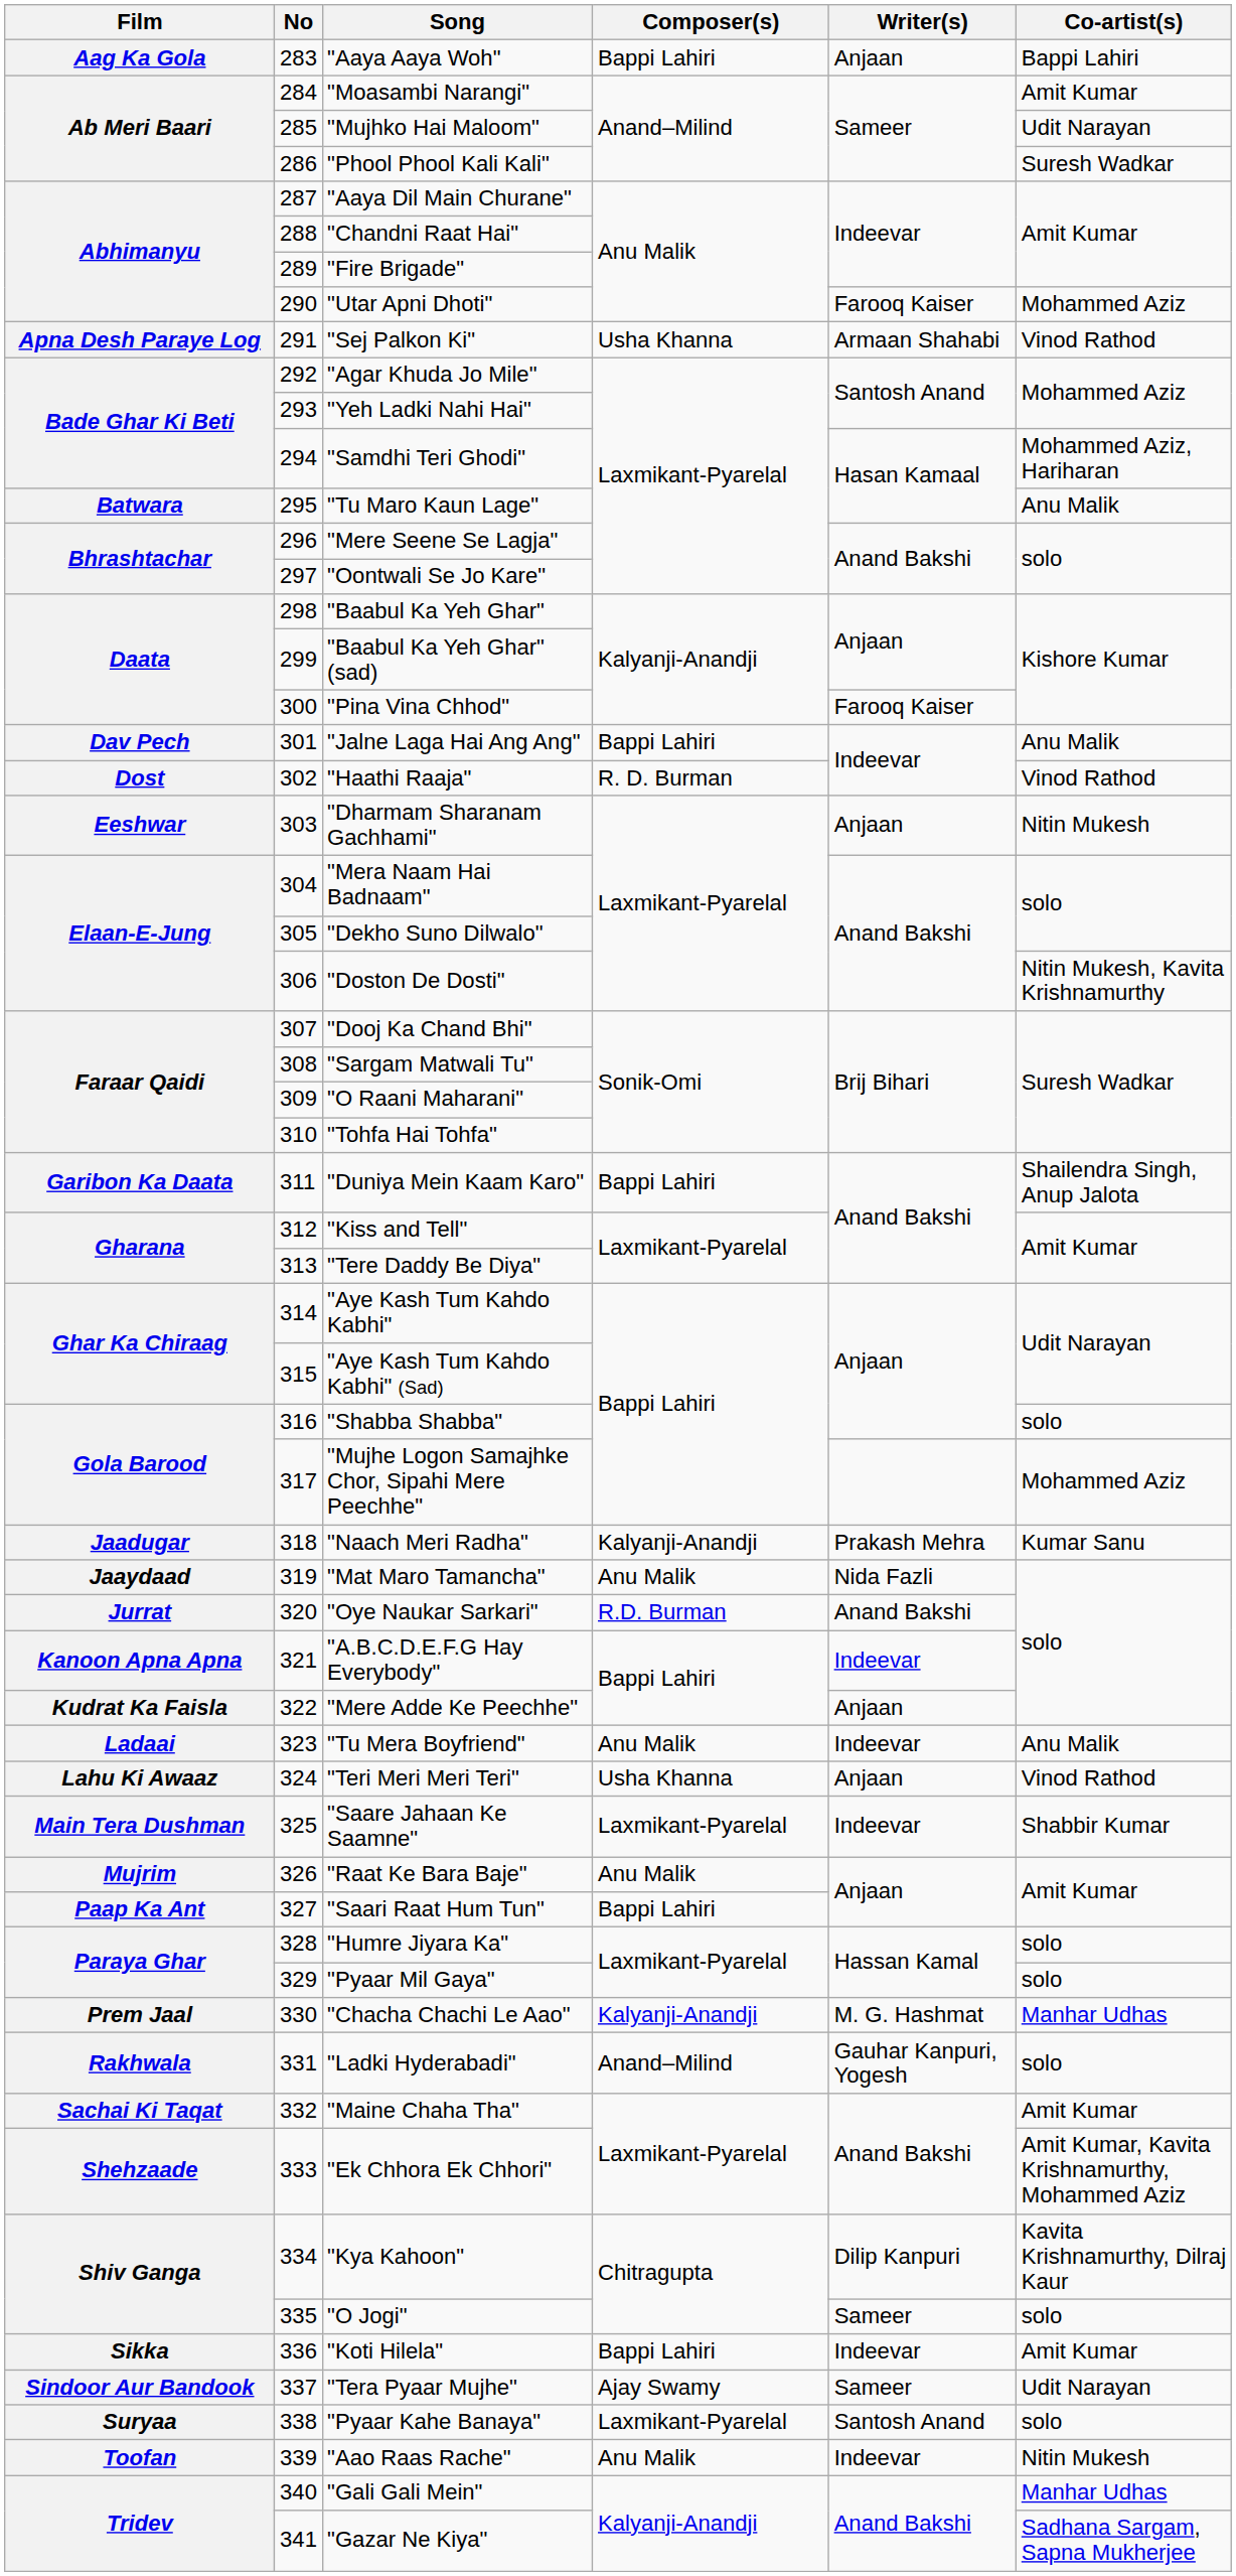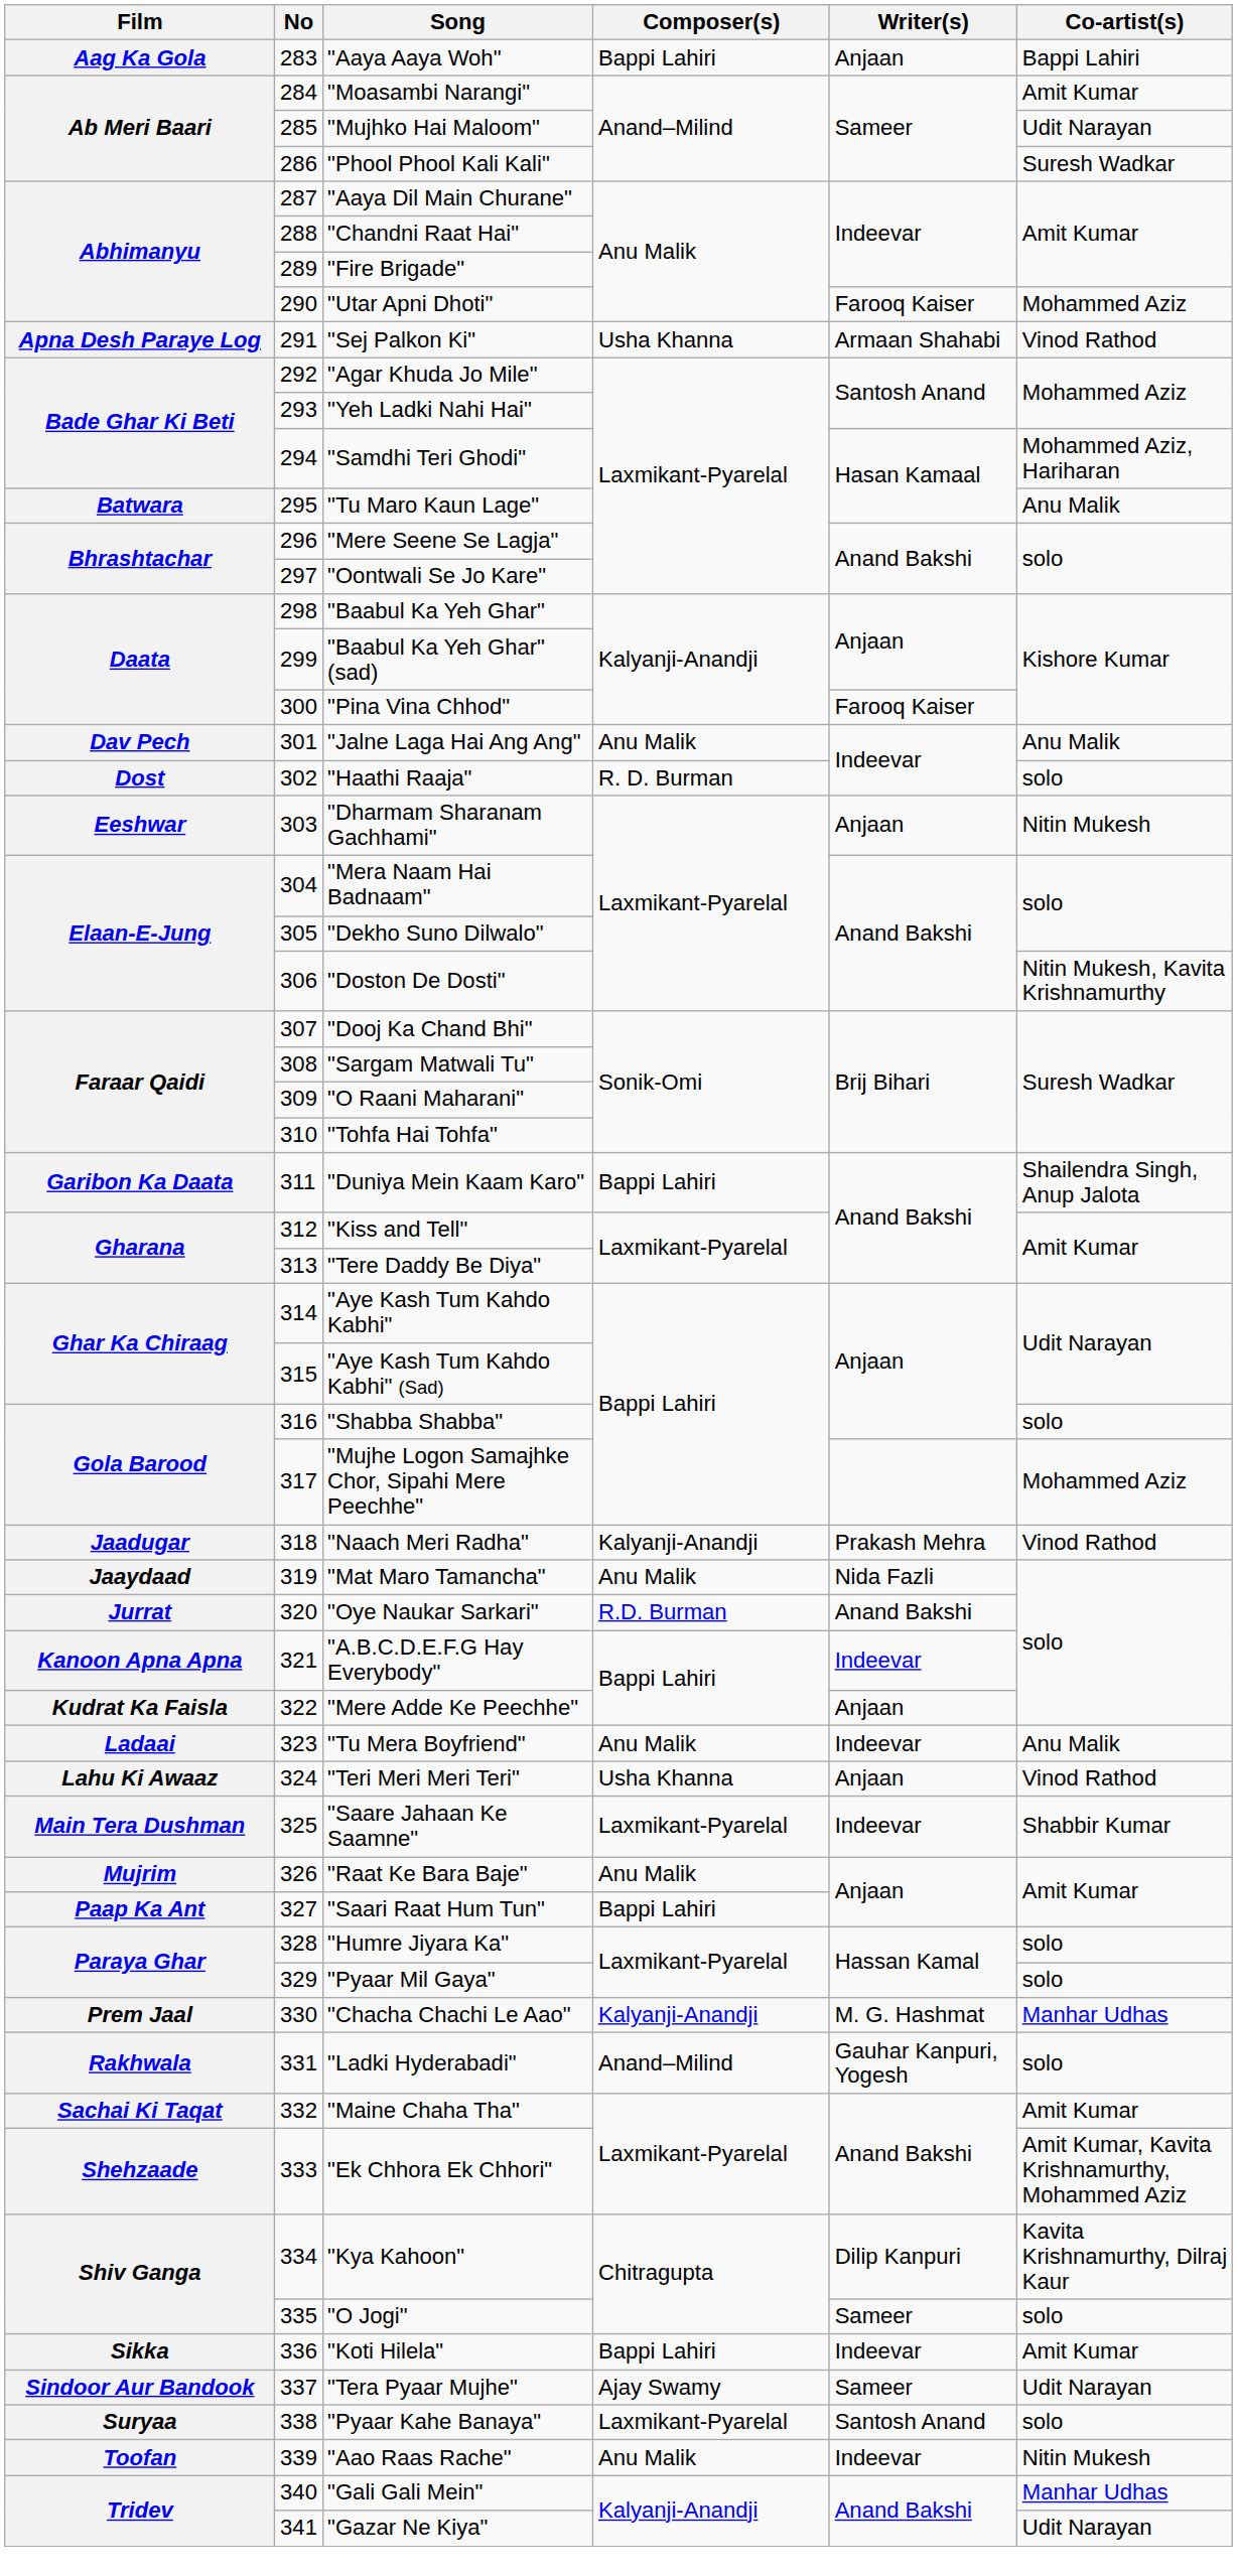 <table class="wikitable plainrowheaders" width="100%" textcolor:#000;">
 <tr style="background:#b0e0e66;">
 <th scope="col" width=23%><strong>Film</strong></th>
 <th><strong>No</strong></th>
 <th scope="col" width=23%><strong>Song</strong></th>
 <th scope="col" width=20%><strong>Composer(s)</strong></th>
 <th scope="col" width=16%><strong>Writer(s)</strong></th>
 <th scope="col" width=18%><strong>Co-artist(s)</strong></th>
 </tr>
 <tr>
 <th><em><a href='#'>Aag Ka Gola</a></em></th>
 <td>283</td>
 <td>"Aaya Aaya Woh"</td>
 <td>Bappi Lahiri</td>
 <td>Anjaan</td>
 <td>Bappi Lahiri</td>
 </tr>
 <tr>
 <th rowspan=3><em>Ab Meri Baari</em></th>
 <td>284</td>
 <td>"Moasambi Narangi"</td>
 <td rowspan=3>Anand–Milind</td>
 <td rowspan=3>Sameer</td>
 <td>Amit Kumar</td>
 </tr>
 <tr>
 <td>285</td>
 <td>"Mujhko Hai Maloom"</td>
 <td>Udit Narayan</td>
 </tr>
 <tr>
 <td>286</td>
 <td>"Phool Phool Kali Kali"</td>
 <td>Suresh Wadkar</td>
 </tr>
 <tr>
 <th rowspan=4><em><a href='#'>Abhimanyu</a></em></th>
 <td>287</td>
 <td>"Aaya Dil Main Churane"</td>
 <td rowspan=4>Anu Malik</td>
 <td rowspan=3>Indeevar</td>
 <td rowspan=3>Amit Kumar</td>
 </tr>
 <tr>
 <td>288</td>
 <td>"Chandni Raat Hai"</td>
 </tr>
 <tr>
 <td>289</td>
 <td>"Fire Brigade"</td>
 </tr>
 <tr>
 <td>290</td>
 <td>"Utar Apni Dhoti"</td>
 <td>Farooq Kaiser</td>
 <td>Mohammed Aziz</td>
 </tr>
 <tr>
 <th><em><a href='#'>Apna Desh Paraye Log</a></em></th>
 <td>291</td>
 <td>"Sej Palkon Ki"</td>
 <td>Usha Khanna</td>
 <td>Armaan Shahabi</td>
 <td>Vinod Rathod</td>
 </tr>
 <tr>
 <th rowspan=3><em><a href='#'>Bade Ghar Ki Beti</a></em></th>
 <td>292</td>
 <td>"Agar Khuda Jo Mile"</td>
 <td rowspan=6>Laxmikant-Pyarelal</td>
 <td rowspan=2>Santosh Anand</td>
 <td rowspan=2>Mohammed Aziz</td>
 </tr>
 <tr>
 <td>293</td>
 <td>"Yeh Ladki Nahi Hai"</td>
 </tr>
 <tr>
 <td>294</td>
 <td>"Samdhi Teri Ghodi"</td>
 <td rowspan=2>Hasan Kamaal</td>
 <td>Mohammed Aziz, Hariharan</td>
 </tr>
 <tr>
 <th><em><a href='#'>Batwara</a></em></th>
 <td>295</td>
 <td>"Tu Maro Kaun Lage"</td>
 <td>Anu Malik</td>
 </tr>
 <tr>
 <th rowspan=2><em><a href='#'>Bhrashtachar</a></em></th>
 <td>296</td>
 <td>"Mere Seene Se Lagja"</td>
 <td rowspan=2>Anand Bakshi</td>
 <td rowspan=2>solo</td>
 </tr>
 <tr>
 <td>297</td>
 <td>"Oontwali Se Jo Kare"</td>
 </tr>
 <tr>
 <th rowspan=3><em><a href='#'>Daata</a></em></th>
 <td>298</td>
 <td>"Baabul Ka Yeh Ghar"</td>
 <td rowspan=3>Kalyanji-Anandji</td>
 <td rowspan=2>Anjaan</td>
 <td rowspan=3>Kishore Kumar</td>
 </tr>
 <tr>
 <td>299</td>
 <td>"Baabul Ka Yeh Ghar" (sad)</td>
 </tr>
 <tr>
 <td>300</td>
 <td>"Pina Vina Chhod"</td>
 <td>Farooq Kaiser</td>
 </tr>
 <tr>
 <th><em><a href='#'>Dav Pech</a></em></th>
 <td>301</td>
 <td>"Jalne Laga Hai Ang Ang"</td>
-<td>Bappi Lahiri</td>
+<td>Anu Malik</td>
 <td rowspan=2>Indeevar</td>
 <td>Anu Malik</td>
 </tr>
 <tr>
 <th><em><a href='#'>Dost</a></em></th>
 <td>302</td>
 <td>"Haathi Raaja"</td>
 <td>R. D. Burman</td>
-<td>Vinod Rathod</td>
+<td>solo</td>
 </tr>
 <tr>
 <th><em><a href='#'>Eeshwar</a></em></th>
 <td>303</td>
 <td>"Dharmam Sharanam Gachhami"</td>
 <td rowspan=4>Laxmikant-Pyarelal</td>
 <td>Anjaan</td>
 <td>Nitin Mukesh</td>
 </tr>
 <tr>
 <th rowspan=3><em><a href='#'>Elaan-E-Jung</a></em></th>
 <td>304</td>
 <td>"Mera Naam Hai Badnaam"</td>
 <td rowspan=3>Anand Bakshi</td>
 <td rowspan=2>solo</td>
 </tr>
 <tr>
 <td>305</td>
 <td>"Dekho Suno Dilwalo"</td>
 </tr>
 <tr>
 <td>306</td>
 <td>"Doston De Dosti"</td>
 <td>Nitin Mukesh, Kavita Krishnamurthy</td>
 </tr>
 <tr>
 <th rowspan=4><em>Faraar Qaidi</em></th>
 <td>307</td>
 <td>"Dooj Ka Chand Bhi"</td>
 <td rowspan=4>Sonik-Omi</td>
 <td rowspan=4>Brij Bihari</td>
 <td rowspan=4>Suresh Wadkar</td>
 </tr>
 <tr>
 <td>308</td>
 <td>"Sargam Matwali Tu"</td>
 </tr>
 <tr>
 <td>309</td>
 <td>"O Raani Maharani"</td>
 </tr>
 <tr>
 <td>310</td>
 <td>"Tohfa Hai Tohfa"</td>
 </tr>
 <tr>
 <th><em><a href='#'>Garibon Ka Daata</a></em></th>
 <td>311</td>
 <td>"Duniya Mein Kaam Karo"</td>
 <td>Bappi Lahiri</td>
 <td rowspan=3>Anand Bakshi</td>
 <td>Shailendra Singh, Anup Jalota</td>
 </tr>
 <tr>
 <th rowspan="2"><em><a href='#'>Gharana</a></em></th>
 <td>312</td>
 <td>"Kiss and Tell"</td>
 <td rowspan=2>Laxmikant-Pyarelal</td>
 <td rowspan=2>Amit Kumar</td>
 </tr>
 <tr>
 <td>313</td>
 <td>"Tere Daddy Be Diya"</td>
 </tr>
 <tr>
 <th rowspan="2"><em><a href='#'>Ghar Ka Chiraag</a></em></th>
 <td>314</td>
 <td>"Aye Kash Tum Kahdo Kabhi"</td>
 <td rowspan="4">Bappi Lahiri</td>
 <td rowspan="3">Anjaan</td>
 <td rowspan="2">Udit Narayan</td>
 </tr>
 <tr>
 <td>315</td>
 <td>"Aye Kash Tum Kahdo Kabhi" <small>(Sad)</small></td>
 </tr>
 <tr>
 <th rowspan="2"><em><a href='#'>Gola Barood</a></em></th>
 <td>316</td>
 <td>"Shabba Shabba"</td>
 <td>solo</td>
 </tr>
 <tr>
 <td>317</td>
 <td>"Mujhe Logon Samajhke Chor, Sipahi Mere Peechhe"</td>
 <td></td>
 <td>Mohammed Aziz</td>
 </tr>
 <tr>
 <th><em><a href='#'>Jaadugar</a></em></th>
 <td>318</td>
 <td>"Naach Meri Radha"</td>
 <td>Kalyanji-Anandji</td>
 <td>Prakash Mehra</td>
-<td>Kumar Sanu</td>
+<td>Vinod Rathod</td>
 </tr>
 <tr>
 <th><em>Jaaydaad</em></th>
 <td>319</td>
 <td>"Mat Maro Tamancha"</td>
 <td>Anu Malik</td>
 <td>Nida Fazli</td>
 <td rowspan="4">solo</td>
 </tr>
 <tr>
 <th><em><a href='#'>Jurrat</a></em></th>
 <td>320</td>
 <td>"Oye Naukar Sarkari"</td>
 <td><a href='#'>R.D. Burman</a></td>
 <td>Anand Bakshi</td>
 </tr>
 <tr>
 <th><em><a href='#'>Kanoon Apna Apna</a></em></th>
 <td>321</td>
 <td>"A.B.C.D.E.F.G Hay Everybody"</td>
 <td rowspan=2>Bappi Lahiri</td>
 <td><a href='#'>Indeevar</a></td>
 </tr>
 <tr>
 <th><em>Kudrat Ka Faisla</em></th>
 <td>322</td>
 <td>"Mere Adde Ke Peechhe"</td>
 <td>Anjaan</td>
 </tr>
 <tr>
 <th><em><a href='#'>Ladaai</a></em></th>
 <td>323</td>
 <td>"Tu Mera Boyfriend"</td>
 <td>Anu Malik</td>
 <td>Indeevar</td>
 <td>Anu Malik</td>
 </tr>
 <tr>
 <th><em>Lahu Ki Awaaz</em></th>
 <td>324</td>
 <td>"Teri Meri Meri Teri"</td>
 <td>Usha Khanna</td>
 <td>Anjaan</td>
 <td>Vinod Rathod</td>
 </tr>
 <tr>
 <th><em><a href='#'>Main Tera Dushman</a></em></th>
 <td>325</td>
 <td>"Saare Jahaan Ke Saamne"</td>
 <td>Laxmikant-Pyarelal</td>
 <td>Indeevar</td>
 <td>Shabbir Kumar</td>
 </tr>
 <tr>
 <th><em><a href='#'>Mujrim</a></em></th>
 <td>326</td>
 <td>"Raat Ke Bara Baje"</td>
 <td>Anu Malik</td>
 <td rowspan=2>Anjaan</td>
 <td rowspan=2>Amit Kumar</td>
 </tr>
 <tr>
 <th><em><a href='#'>Paap Ka Ant</a></em></th>
 <td>327</td>
 <td>"Saari Raat Hum Tun"</td>
 <td>Bappi Lahiri</td>
 </tr>
 <tr>
 <th rowspan=2><em><a href='#'>Paraya Ghar</a></em></th>
 <td>328</td>
 <td>"Humre Jiyara Ka"</td>
 <td rowspan=2>Laxmikant-Pyarelal</td>
 <td rowspan=2>Hassan Kamal</td>
 <td>solo</td>
 </tr>
 <tr>
 <td>329</td>
 <td>"Pyaar Mil Gaya"</td>
 <td>solo</td>
 </tr>
 <tr>
 <th><em>Prem Jaal</em></th>
 <td>330</td>
 <td>"Chacha Chachi Le Aao"</td>
 <td><a href='#'>Kalyanji-Anandji</a></td>
 <td>M. G. Hashmat</td>
 <td><a href='#'>Manhar Udhas</a></td>
 </tr>
 <tr>
 <th><em><a href='#'>Rakhwala</a></em></th>
 <td>331</td>
 <td>"Ladki Hyderabadi"</td>
 <td>Anand–Milind</td>
 <td>Gauhar Kanpuri, Yogesh</td>
 <td>solo</td>
 </tr>
 <tr>
 <th><em><a href='#'>Sachai Ki Taqat</a></em></th>
 <td>332</td>
 <td>"Maine Chaha Tha"</td>
 <td rowspan=2>Laxmikant-Pyarelal</td>
 <td rowspan=2>Anand Bakshi</td>
 <td>Amit Kumar</td>
 </tr>
 <tr>
 <th><em><a href='#'>Shehzaade</a></em></th>
 <td>333</td>
 <td>"Ek Chhora Ek Chhori"</td>
 <td>Amit Kumar, Kavita Krishnamurthy, Mohammed Aziz</td>
 </tr>
 <tr>
 <th rowspan=2><em>Shiv Ganga</em></th>
 <td>334</td>
 <td>"Kya Kahoon"</td>
 <td rowspan=2>Chitragupta</td>
 <td>Dilip Kanpuri</td>
 <td>Kavita Krishnamurthy, Dilraj Kaur</td>
 </tr>
 <tr>
 <td>335</td>
 <td>"O Jogi"</td>
 <td>Sameer</td>
 <td>solo</td>
 </tr>
 <tr>
 <th><em>Sikka</em></th>
 <td>336</td>
 <td>"Koti Hilela"</td>
 <td>Bappi Lahiri</td>
 <td>Indeevar</td>
 <td>Amit Kumar</td>
 </tr>
 <tr>
 <th><em><a href='#'>Sindoor Aur Bandook</a></em></th>
 <td>337</td>
 <td>"Tera Pyaar Mujhe"</td>
 <td>Ajay Swamy</td>
 <td>Sameer</td>
 <td>Udit Narayan</td>
 </tr>
 <tr>
 <th><em>Suryaa</em></th>
 <td>338</td>
 <td>"Pyaar Kahe Banaya"</td>
 <td>Laxmikant-Pyarelal</td>
 <td>Santosh Anand</td>
 <td>solo</td>
 </tr>
 <tr>
 <th><em><a href='#'>Toofan</a></em></th>
 <td>339</td>
 <td>"Aao Raas Rache"</td>
 <td>Anu Malik</td>
 <td>Indeevar</td>
 <td>Nitin Mukesh</td>
 </tr>
 <tr>
 <th rowspan="2"><em><a href='#'>Tridev</a></em></th>
 <td>340</td>
 <td>"Gali Gali Mein"</td>
 <td rowspan="3"><a href='#'>Kalyanji-Anandji</a></td>
 <td rowspan="2"><a href='#'>Anand Bakshi</a></td>
 <td><a href='#'>Manhar Udhas</a></td>
 </tr>
 <tr>
 <td>341</td>
 <td>"Gazar Ne Kiya"</td>
-<td><a href='#'>Sadhana Sargam</a>, <a href='#'>Sapna Mukherjee</a></td>
+<td>Udit Narayan</td>
 </tr>
 <tr>
 </tr>
 </table>
